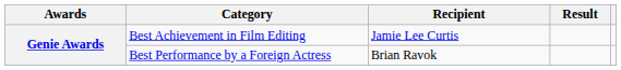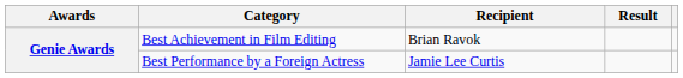 <table class="wikitable unsortable plainrowheaders" style="width:60%;">
 <tr>
 <th width=20%>Awards</th>
 <th style="width:40%;">Category</th>
 <th style="width:30%;">Recipient</th>
 <th style="width:10%;">Result</th>
 <th class="unsortable" width=3%></th>
 </tr>
 <tr>
 <th scope="row" rowspan="2"><a href='#'>Genie Awards</a></th>
 <td><a href='#'>Best Achievement in Film Editing</a></td>
-<td><a href='#'>Jamie Lee Curtis</a></td>
+<td>Brian Ravok</td>
 <td></td>
 <td style="text-align:center;"></td>
 </tr>
 <tr>
 <td><a href='#'>Best Performance by a Foreign Actress</a></td>
-<td>Brian Ravok</td>
+<td><a href='#'>Jamie Lee Curtis</a></td>
 <td></td>
 <td style="text-align:center;"></td>
 </tr>
 </table>
